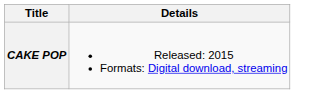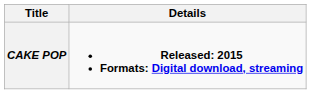 <table class="wikitable plainrowheaders" style="text-align:center;">
 <tr>
 <th scope="col">Title</th>
 <th scope="col">Details</th>
 </tr>
 <tr>
 <th scope="row"><em>CAKE POP</em></th>
-<td><br><ul><li>Released: 2015</li><li>Formats: <a href='#'>Digital download, streaming</a></li></ul></td>
+<td><strong><br><ul><li>Released: 2015</li><li>Formats: <a href='#'>Digital download, streaming</a></li></ul></strong></td>
 </tr>
 </table>
